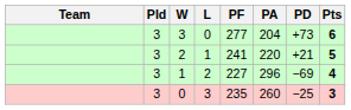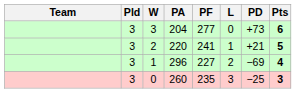 <table class="wikitable" style="text-align:center;">
 <tr>
 <th width=170>Team</th>
 <th width=25>Pld</th>
 <th width=25>W</th>
+<th width=35>PA</th>
+<th width=35>PF</th>
 <th width=25>L</th>
-<th width=35>PF</th>
-<th width=35>PA</th>
 <th width=35>PD</th>
 <th width=25>Pts</th>
 </tr>
 <tr bgcolor=ccffcc>
 <td align="left"></td>
 <td>3</td>
 <td>3</td>
+<td>204</td>
+<td>277</td>
 <td>0</td>
-<td>277</td>
-<td>204</td>
 <td>+73</td>
 <td><strong>6</strong></td>
 </tr>
 <tr bgcolor=ccffcc>
 <td align="left"></td>
 <td>3</td>
 <td>2</td>
+<td>220</td>
+<td>241</td>
 <td>1</td>
-<td>241</td>
-<td>220</td>
 <td>+21</td>
 <td><strong>5</strong></td>
 </tr>
 <tr bgcolor=ccffcc>
 <td align="left"></td>
 <td>3</td>
 <td>1</td>
+<td>296</td>
+<td>227</td>
 <td>2</td>
-<td>227</td>
-<td>296</td>
 <td>−69</td>
 <td><strong>4</strong></td>
 </tr>
 <tr bgcolor=ffcccc>
 <td align="left"></td>
 <td>3</td>
 <td>0</td>
+<td>260</td>
+<td>235</td>
 <td>3</td>
-<td>235</td>
-<td>260</td>
 <td>−25</td>
 <td><strong>3</strong></td>
 </tr>
 </table>
